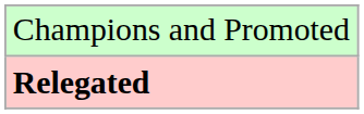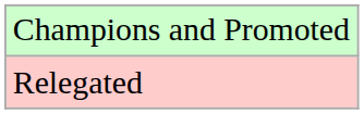 <table class="wikitable">
 <tr style="width:10px; background:#cfc;">
 <td>Champions and Promoted</td>
 </tr>
 <tr style="width:10px; background:#fcc;">
-<td><strong>Relegated</strong></td>
+<td>Relegated</td>
 </tr>
 </table>
